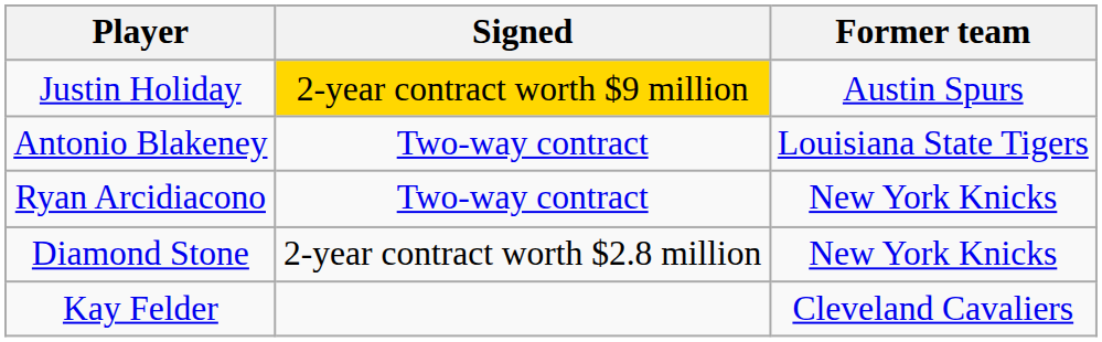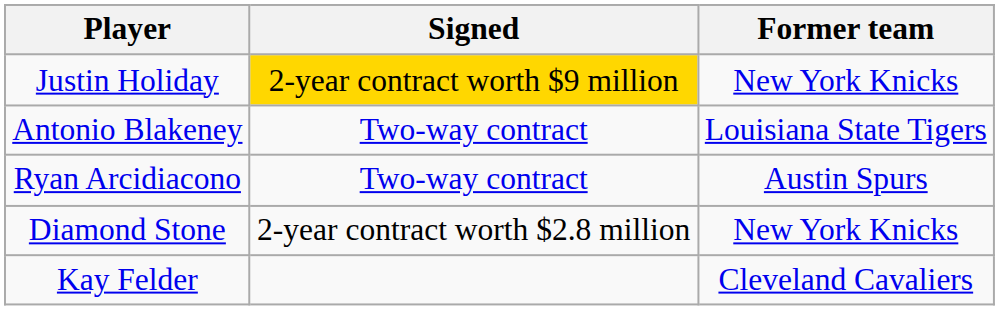 <table class="wikitable sortable sortable" style="text-align: center">
 <tr>
 <th>Player</th>
 <th>Signed</th>
 <th>Former team</th>
 </tr>
 <tr style="text-align: center">
 <td><a href='#'>Justin Holiday</a></td>
 <td style="background: gold;">2-year contract worth $9 million</td>
-<td><a href='#'>Austin Spurs</a></td>
+<td><a href='#'>New York Knicks</a></td>
 </tr>
 <tr style="text-align: center">
 <td><a href='#'>Antonio Blakeney</a></td>
 <td><a href='#'>Two-way contract</a></td>
 <td><a href='#'>Louisiana State Tigers</a></td>
 </tr>
 <tr style="text-align: center">
 <td><a href='#'>Ryan Arcidiacono</a></td>
 <td><a href='#'>Two-way contract</a></td>
-<td><a href='#'>New York Knicks</a></td>
+<td><a href='#'>Austin Spurs</a></td>
 </tr>
 <tr style="text-align: center">
 <td><a href='#'>Diamond Stone</a></td>
 <td>2-year contract worth $2.8 million</td>
 <td><a href='#'>New York Knicks</a></td>
 </tr>
 <tr style="text-align: center">
 <td><a href='#'>Kay Felder</a></td>
 <td></td>
 <td><a href='#'>Cleveland Cavaliers</a></td>
 </tr>
 </table>
